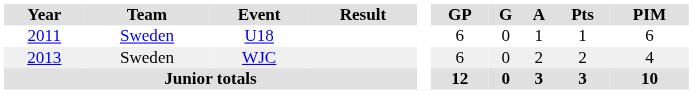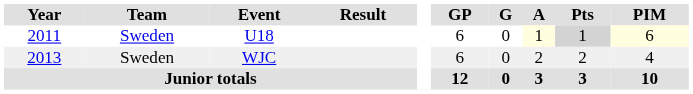 <table border="0" cellpadding="1" cellspacing="0" style="text-align:center; width:40em">
 <tr ALIGN="center" bgcolor="#e0e0e0">
 <th>Year</th>
 <th>Team</th>
 <th>Event</th>
 <th>Result</th>
 <th rowspan="99" bgcolor="#ffffff"> </th>
 <th>GP</th>
 <th>G</th>
 <th>A</th>
 <th>Pts</th>
 <th>PIM</th>
 </tr>
 <tr>
 <td><a href='#'>2011</a></td>
 <td><a href='#'>Sweden</a></td>
 <td><a href='#'>U18</a></td>
 <td></td>
 <td>6</td>
 <td>0</td>
-<td>1</td>
-<td>1</td>
-<td>6</td>
+<td style="background: lightyellow;">1</td>
+<td style="background: lightgrey;">1</td>
+<td style="background: lightyellow;">6</td>
 </tr>
 <tr bgcolor="#f0f0f0">
 <td><a href='#'>2013</a></td>
 <td>Sweden</td>
 <td><a href='#'>WJC</a></td>
 <td></td>
 <td>6</td>
 <td>0</td>
 <td>2</td>
 <td>2</td>
 <td>4</td>
 </tr>
 <tr bgcolor="#e0e0e0">
 <th colspan="4">Junior totals</th>
 <th>12</th>
 <th>0</th>
 <th>3</th>
 <th>3</th>
 <th>10</th>
 </tr>
 </table>
